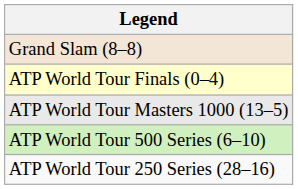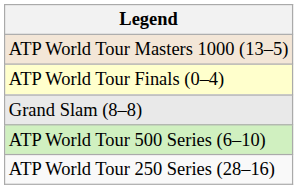 <table class=wikitable style=font-size:97%>
 <tr>
 <th>Legend</th>
 </tr>
 <tr style="background:#f3e6d7;">
-<td>Grand Slam (8–8)</td>
+<td>ATP World Tour Masters 1000 (13–5)</td>
 </tr>
 <tr style="background:#ffc;">
 <td>ATP World Tour Finals (0–4)</td>
 </tr>
 <tr style="background:#e9e9e9;">
-<td>ATP World Tour Masters 1000 (13–5)</td>
+<td>Grand Slam (8–8)</td>
 </tr>
 <tr style="background:#d0f0c0;">
 <td>ATP World Tour 500 Series (6–10)</td>
 </tr>
 <tr>
 <td>ATP World Tour 250 Series (28–16)</td>
 </tr>
 </table>
